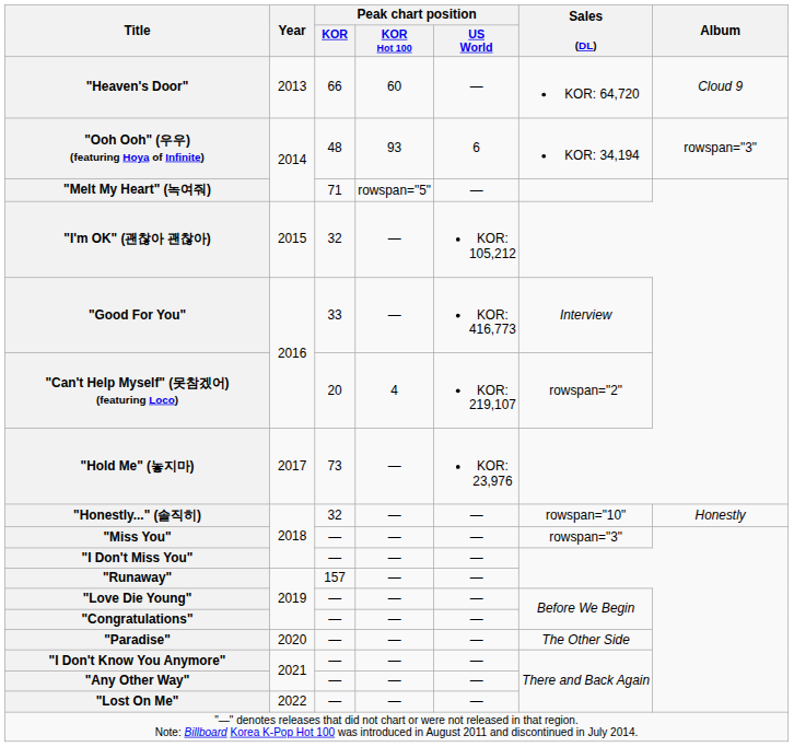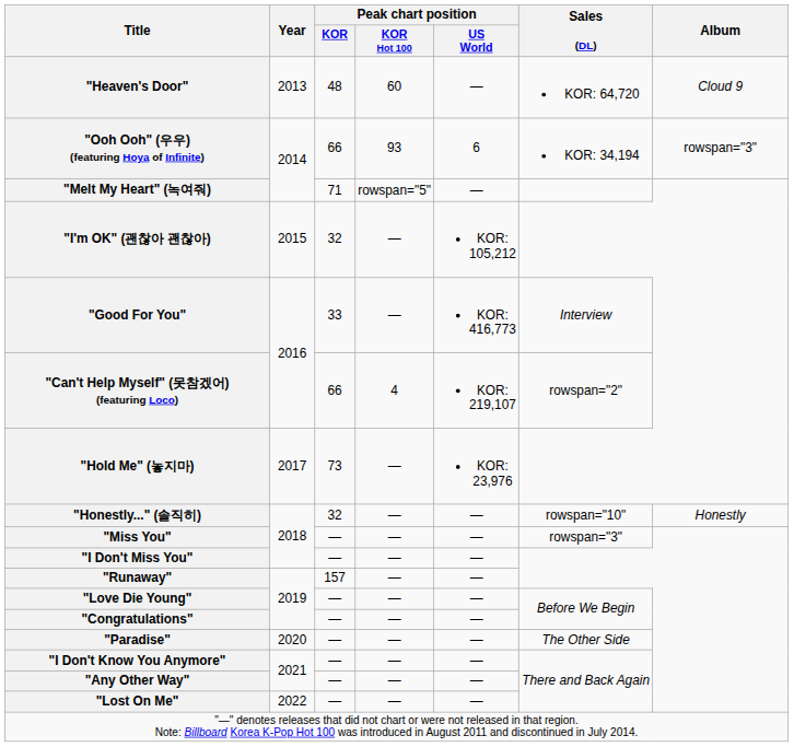 <table class="wikitable plainrowheaders" style="text-align:center;">
 <tr>
 <th rowspan="2" scope="col" style="width:20em;">Title</th>
 <th rowspan="2" scope="col" style="width:3em;">Year</th>
 <th colspan="3" scope="col">Peak chart position</th>
 <th rowspan="2" scope="col">Sales<br><br><small>(<a href='#'>DL</a>)</small></th>
 <th rowspan="2" scope="col" style="width:10em;">Album</th>
 </tr>
 <tr>
 <th scope="col" style="width:3em;font-size:90%;"><a href='#'>KOR</a><br><br></th>
 <th scope="col" style="width:3em;font-size:90%;"><a href='#'>KOR<br> <small>Hot 100</small></a><br></th>
 <th scope="col" style="width:3em;font-size:90%;"><a href='#'>US<br>World</a><br></th>
 </tr>
 <tr>
 <th scope="row">"Heaven's Door" </th>
 <td>2013</td>
-<td>66</td>
+<td>48</td>
 <td>60</td>
 <td>—</td>
 <td><br><ul><li>KOR: 64,720</li></ul></td>
 <td><em>Cloud 9</em></td>
 </tr>
 <tr>
 <th scope="row">"Ooh Ooh" (우우)<br><small>(featuring <a href='#'>Hoya</a> of <a href='#'>Infinite</a>)</small></th>
 <td rowspan="2">2014</td>
-<td>48</td>
+<td>66</td>
 <td>93</td>
 <td>6</td>
 <td><br><ul><li>KOR: 34,194</li></ul></td>
 <td>rowspan="3" </td>
 </tr>
 <tr>
 <th scope="row">"Melt My Heart" (녹여줘)</th>
 <td>71</td>
 <td>rowspan="5" </td>
 <td>—</td>
 <td></td>
 </tr>
 <tr>
 <th scope="row">"I'm OK" (괜찮아 괜찮아)</th>
 <td>2015</td>
 <td>32</td>
 <td>—</td>
 <td><br><ul><li>KOR: 105,212</li></ul></td>
 </tr>
 <tr>
 <th scope="row">"Good For You"</th>
 <td rowspan="2">2016</td>
 <td>33</td>
 <td>—</td>
 <td><br><ul><li>KOR: 416,773</li></ul></td>
 <td rowspan="1"><em>Interview</em></td>
 </tr>
 <tr>
 <th scope="row">"Can't Help Myself" (못참겠어)<br><small>(featuring <a href='#'>Loco</a>)</small></th>
-<td>20</td>
+<td>66</td>
 <td>4</td>
 <td><br><ul><li>KOR: 219,107</li></ul></td>
 <td>rowspan="2" </td>
 </tr>
 <tr>
 <th scope="row">"Hold Me" (놓지마)</th>
 <td>2017</td>
 <td>73</td>
 <td>—</td>
 <td><br><ul><li>KOR: 23,976</li></ul></td>
 </tr>
 <tr>
 <th scope="row">"Honestly..." (솔직히)</th>
 <td rowspan="3">2018</td>
 <td>32</td>
 <td>—</td>
 <td>—</td>
 <td>rowspan="10" </td>
 <td><em>Honestly</em></td>
 </tr>
 <tr>
 <th scope="row">"Miss You"</th>
 <td>—</td>
 <td>—</td>
 <td>—</td>
 <td>rowspan="3" </td>
 </tr>
 <tr>
 <th scope="row">"I Don't Miss You"</th>
 <td>—</td>
 <td>—</td>
 <td>—</td>
 </tr>
 <tr>
 <th scope="row">"Runaway"</th>
 <td rowspan="3">2019</td>
 <td>157</td>
 <td>—</td>
 <td>—</td>
 </tr>
 <tr>
 <th scope="row">"Love Die Young"</th>
 <td>—</td>
 <td>—</td>
 <td>—</td>
 <td rowspan="2"><em>Before We Begin</em></td>
 </tr>
 <tr>
 <th scope="row">"Congratulations"<br></th>
 <td>—</td>
 <td>—</td>
 <td>—</td>
 </tr>
 <tr>
 <th scope="row">"Paradise"</th>
 <td>2020</td>
 <td>—</td>
 <td>—</td>
 <td>—</td>
 <td><em>The Other Side</em></td>
 </tr>
 <tr>
 <th scope="row">"I Don't Know You Anymore"</th>
 <td rowspan="2">2021</td>
 <td>—</td>
 <td>—</td>
 <td>—</td>
 <td rowspan="3"><em>There and Back Again</em></td>
 </tr>
 <tr>
 <th scope="row">"Any Other Way"</th>
 <td>—</td>
 <td>—</td>
 <td>—</td>
 </tr>
 <tr>
 <th scope="row">"Lost On Me"</th>
 <td>2022</td>
 <td>—</td>
 <td>—</td>
 <td>—</td>
 </tr>
 <tr>
 <td colspan="7" style="font-size:85%;">"—" denotes releases that did not chart or were not released in that region.<br>Note: <em><a href='#'>Billboard</a></em> <a href='#'>Korea K-Pop Hot 100</a> was introduced in August 2011 and discontinued in July 2014.</td>
 </tr>
 </table>
